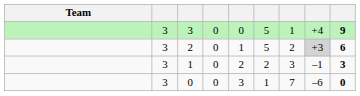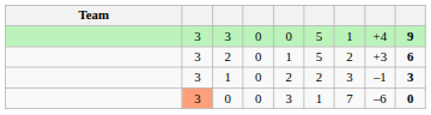 <table class="wikitable" style="text-align: center;">
 <tr>
 <th width=210>Team</th>
 <th width=30></th>
 <th width=30></th>
 <th width=30></th>
 <th width=30></th>
 <th width=30></th>
 <th width=30></th>
 <th width=30></th>
 <th width=30></th>
 </tr>
 <tr style="background:#bbf3bb;">
 <td align=left></td>
 <td>3</td>
 <td>3</td>
 <td>0</td>
 <td>0</td>
 <td>5</td>
 <td>1</td>
 <td>+4</td>
 <td><strong>9</strong></td>
 </tr>
 <tr>
 <td align=left></td>
 <td>3</td>
 <td>2</td>
 <td>0</td>
 <td>1</td>
 <td>5</td>
 <td>2</td>
-<td style="background: lightgrey;">+3</td>
+<td>+3</td>
 <td><strong>6</strong></td>
 </tr>
 <tr>
 <td align=left></td>
 <td>3</td>
 <td>1</td>
 <td>0</td>
 <td>2</td>
 <td>2</td>
 <td>3</td>
 <td>–1</td>
 <td><strong>3</strong></td>
 </tr>
 <tr>
 <td align=left></td>
-<td>3</td>
+<td style="background: lightsalmon;">3</td>
 <td>0</td>
 <td>0</td>
 <td>3</td>
 <td>1</td>
 <td>7</td>
 <td>–6</td>
 <td><strong>0</strong></td>
 </tr>
 </table>
